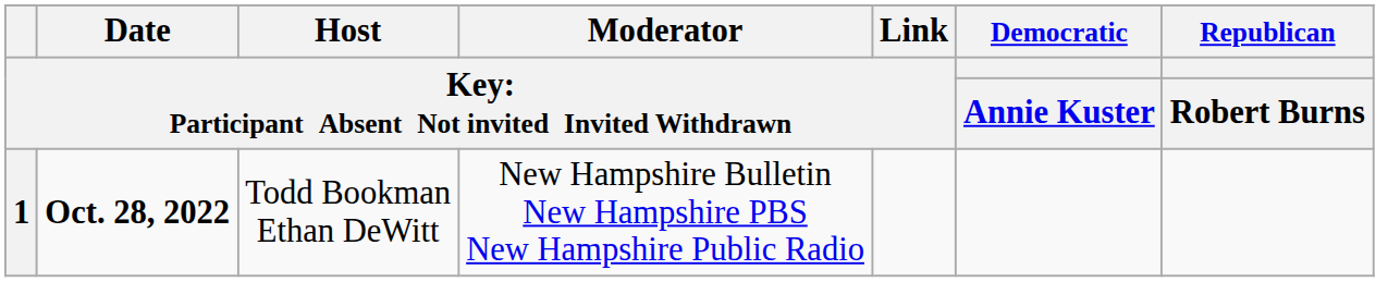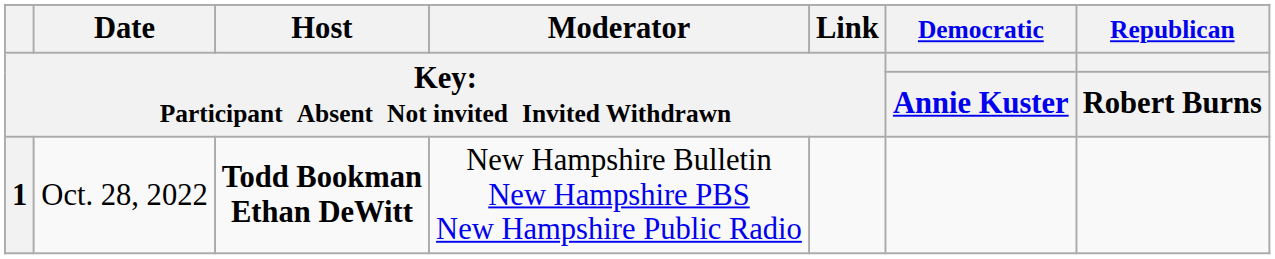 <table class="wikitable" style="text-align:center;">
 <tr>
 <th scope="col"></th>
 <th scope="col">Date</th>
 <th scope="col">Host</th>
 <th scope="col">Moderator</th>
 <th scope="col">Link</th>
 <th scope="col"><small><a href='#'>Democratic</a></small></th>
 <th scope="col"><small><a href='#'>Republican</a></small></th>
 </tr>
 <tr>
 <th colspan="5" rowspan="2">Key:<br> <small>Participant </small>  <small>Absent </small>  <small>Not invited </small>  <small>Invited  Withdrawn</small></th>
 <th scope="col" style="background:"></th>
 <th scope="col" style="background:"></th>
 </tr>
 <tr>
 <th scope="col"><a href='#'>Annie Kuster</a></th>
 <th scope="col">Robert Burns</th>
 </tr>
 <tr>
 <th>1</th>
-<td style="white-space:nowrap;"><strong>Oct. 28, 2022</strong></td>
-<td style="white-space:nowrap;">Todd Bookman<br>Ethan DeWitt</td>
+<td style="white-space:nowrap;">Oct. 28, 2022</td>
+<td style="white-space:nowrap;"><strong>Todd Bookman<br>Ethan DeWitt</strong></td>
 <td style="white-space:nowrap;">New Hampshire Bulletin<br><a href='#'>New Hampshire PBS</a><br><a href='#'>New Hampshire Public Radio</a></td>
 <td style="white-space:nowrap;"></td>
 <td></td>
 <td></td>
 </tr>
 </table>
